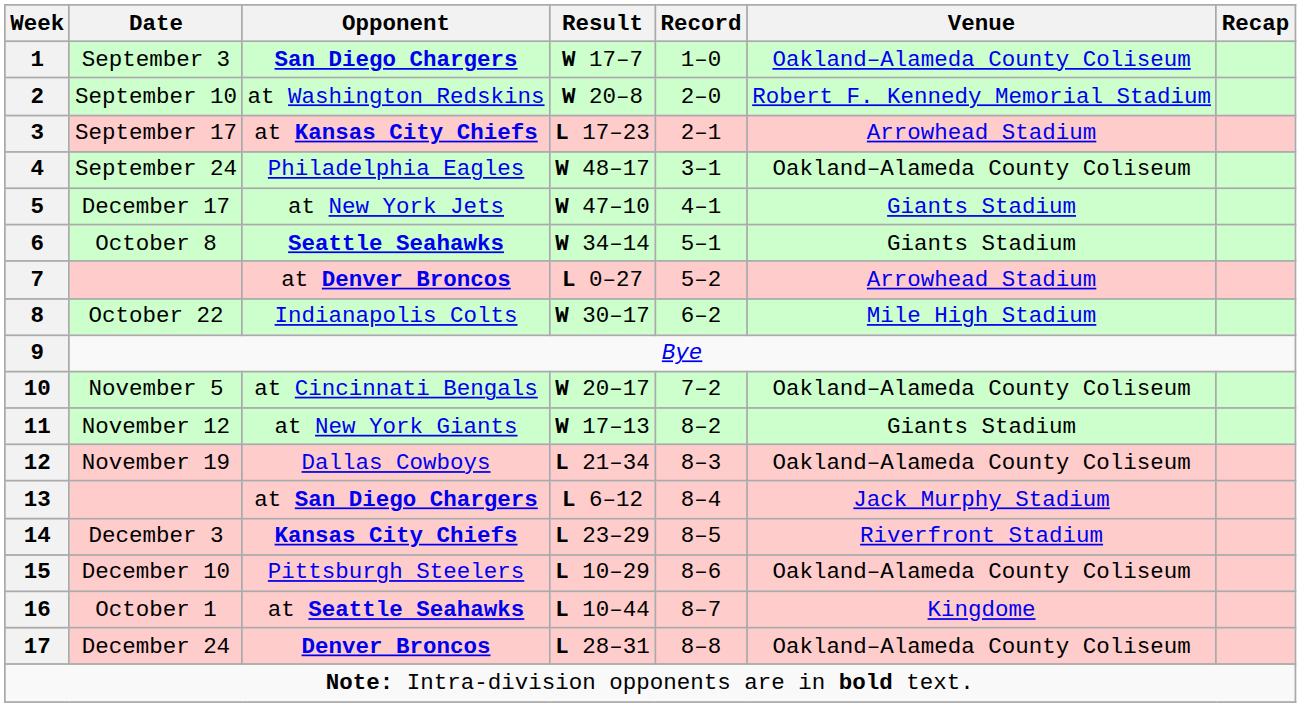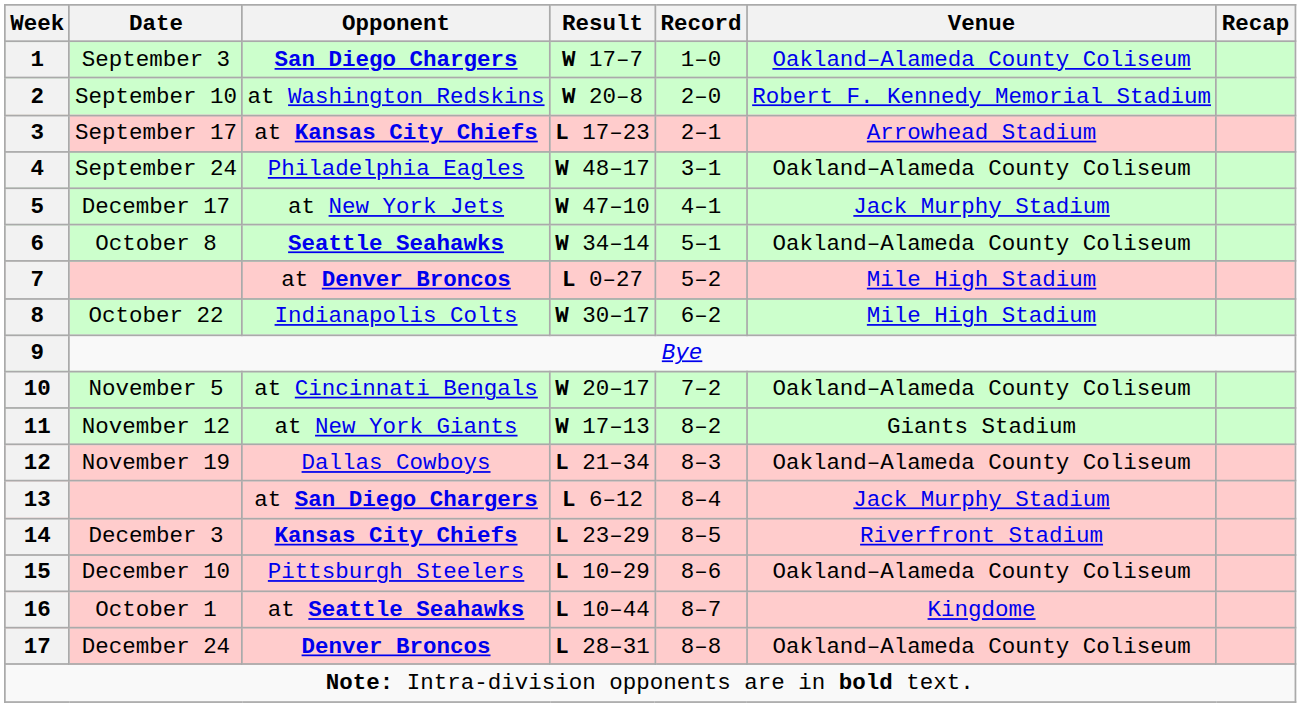 <table class="wikitable" style="text-align:center">
 <tr>
 <th>Week</th>
 <th>Date</th>
 <th>Opponent</th>
 <th>Result</th>
 <th>Record</th>
 <th>Venue</th>
 <th>Recap</th>
 </tr>
 <tr style="background:#cfc">
 <th>1</th>
 <td>September 3</td>
 <td><strong><a href='#'>San Diego Chargers</a></strong></td>
 <td><strong>W</strong> 17–7</td>
 <td>1–0</td>
 <td><a href='#'>Oakland–Alameda County Coliseum</a></td>
 <td></td>
 </tr>
 <tr style="background:#cfc">
 <th>2</th>
 <td>September 10</td>
 <td>at <a href='#'>Washington Redskins</a></td>
 <td><strong>W</strong> 20–8</td>
 <td>2–0</td>
 <td><a href='#'>Robert F. Kennedy Memorial Stadium</a></td>
 <td></td>
 </tr>
 <tr style="background:#fcc">
 <th>3</th>
 <td>September 17</td>
 <td>at <strong><a href='#'>Kansas City Chiefs</a></strong></td>
 <td><strong>L</strong> 17–23 </td>
 <td>2–1</td>
 <td><a href='#'>Arrowhead Stadium</a></td>
 <td></td>
 </tr>
 <tr style="background:#cfc">
 <th>4</th>
 <td>September 24</td>
 <td><a href='#'>Philadelphia Eagles</a></td>
 <td><strong>W</strong> 48–17</td>
 <td>3–1</td>
 <td>Oakland–Alameda County Coliseum</td>
 <td></td>
 </tr>
 <tr style="background:#cfc">
 <th>5</th>
 <td>December 17</td>
 <td>at <a href='#'>New York Jets</a></td>
 <td><strong>W</strong> 47–10</td>
 <td>4–1</td>
-<td><a href='#'>Giants Stadium</a></td>
+<td><a href='#'>Jack Murphy Stadium</a></td>
 <td></td>
 </tr>
 <tr style="background:#cfc">
 <th>6</th>
 <td>October 8</td>
 <td><strong><a href='#'>Seattle Seahawks</a></strong></td>
 <td><strong>W</strong> 34–14</td>
 <td>5–1</td>
-<td>Giants Stadium</td>
+<td>Oakland–Alameda County Coliseum</td>
 <td></td>
 </tr>
 <tr style="background:#fcc">
 <th>7</th>
 <td></td>
 <td>at <strong><a href='#'>Denver Broncos</a></strong></td>
 <td><strong>L</strong> 0–27</td>
 <td>5–2</td>
-<td><a href='#'>Arrowhead Stadium</a></td>
+<td><a href='#'>Mile High Stadium</a></td>
 <td></td>
 </tr>
 <tr style="background:#cfc">
 <th>8</th>
 <td>October 22</td>
 <td><a href='#'>Indianapolis Colts</a></td>
 <td><strong>W</strong> 30–17</td>
 <td>6–2</td>
 <td><a href='#'>Mile High Stadium</a></td>
 <td></td>
 </tr>
 <tr>
 <th>9</th>
 <td colspan="6" align="center"><em><a href='#'>Bye</a></em></td>
 </tr>
 <tr style="background:#cfc">
 <th>10</th>
 <td>November 5</td>
 <td>at <a href='#'>Cincinnati Bengals</a></td>
 <td><strong>W</strong> 20–17</td>
 <td>7–2</td>
 <td>Oakland–Alameda County Coliseum</td>
 <td></td>
 </tr>
 <tr style="background:#cfc">
 <th>11</th>
 <td>November 12</td>
 <td>at <a href='#'>New York Giants</a></td>
 <td><strong>W</strong> 17–13</td>
 <td>8–2</td>
 <td>Giants Stadium</td>
 <td></td>
 </tr>
 <tr style="background:#fcc">
 <th>12</th>
 <td>November 19</td>
 <td><a href='#'>Dallas Cowboys</a></td>
 <td><strong>L</strong> 21–34</td>
 <td>8–3</td>
 <td>Oakland–Alameda County Coliseum</td>
 <td></td>
 </tr>
 <tr style="background:#fcc">
 <th>13</th>
 <td></td>
 <td>at <strong><a href='#'>San Diego Chargers</a></strong></td>
 <td><strong>L</strong> 6–12</td>
 <td>8–4</td>
 <td><a href='#'>Jack Murphy Stadium</a></td>
 <td></td>
 </tr>
 <tr style="background:#fcc">
 <th>14</th>
 <td>December 3</td>
 <td><strong><a href='#'>Kansas City Chiefs</a></strong></td>
 <td><strong>L</strong> 23–29</td>
 <td>8–5</td>
 <td><a href='#'>Riverfront Stadium</a></td>
 <td></td>
 </tr>
 <tr style="background:#fcc">
 <th>15</th>
 <td>December 10</td>
 <td><a href='#'>Pittsburgh Steelers</a></td>
 <td><strong>L</strong> 10–29</td>
 <td>8–6</td>
 <td>Oakland–Alameda County Coliseum</td>
 <td></td>
 </tr>
 <tr style="background:#fcc">
 <th>16</th>
 <td>October 1</td>
 <td>at <strong><a href='#'>Seattle Seahawks</a></strong></td>
 <td><strong>L</strong> 10–44</td>
 <td>8–7</td>
 <td><a href='#'>Kingdome</a></td>
 <td></td>
 </tr>
 <tr style="background:#fcc">
 <th>17</th>
 <td>December 24</td>
 <td><strong><a href='#'>Denver Broncos</a></strong></td>
 <td><strong>L</strong> 28–31</td>
 <td>8–8</td>
 <td>Oakland–Alameda County Coliseum</td>
 <td></td>
 </tr>
 <tr>
 <td colspan="8"><strong>Note:</strong> Intra-division opponents are in <strong>bold</strong> text.</td>
 </tr>
 </table>
